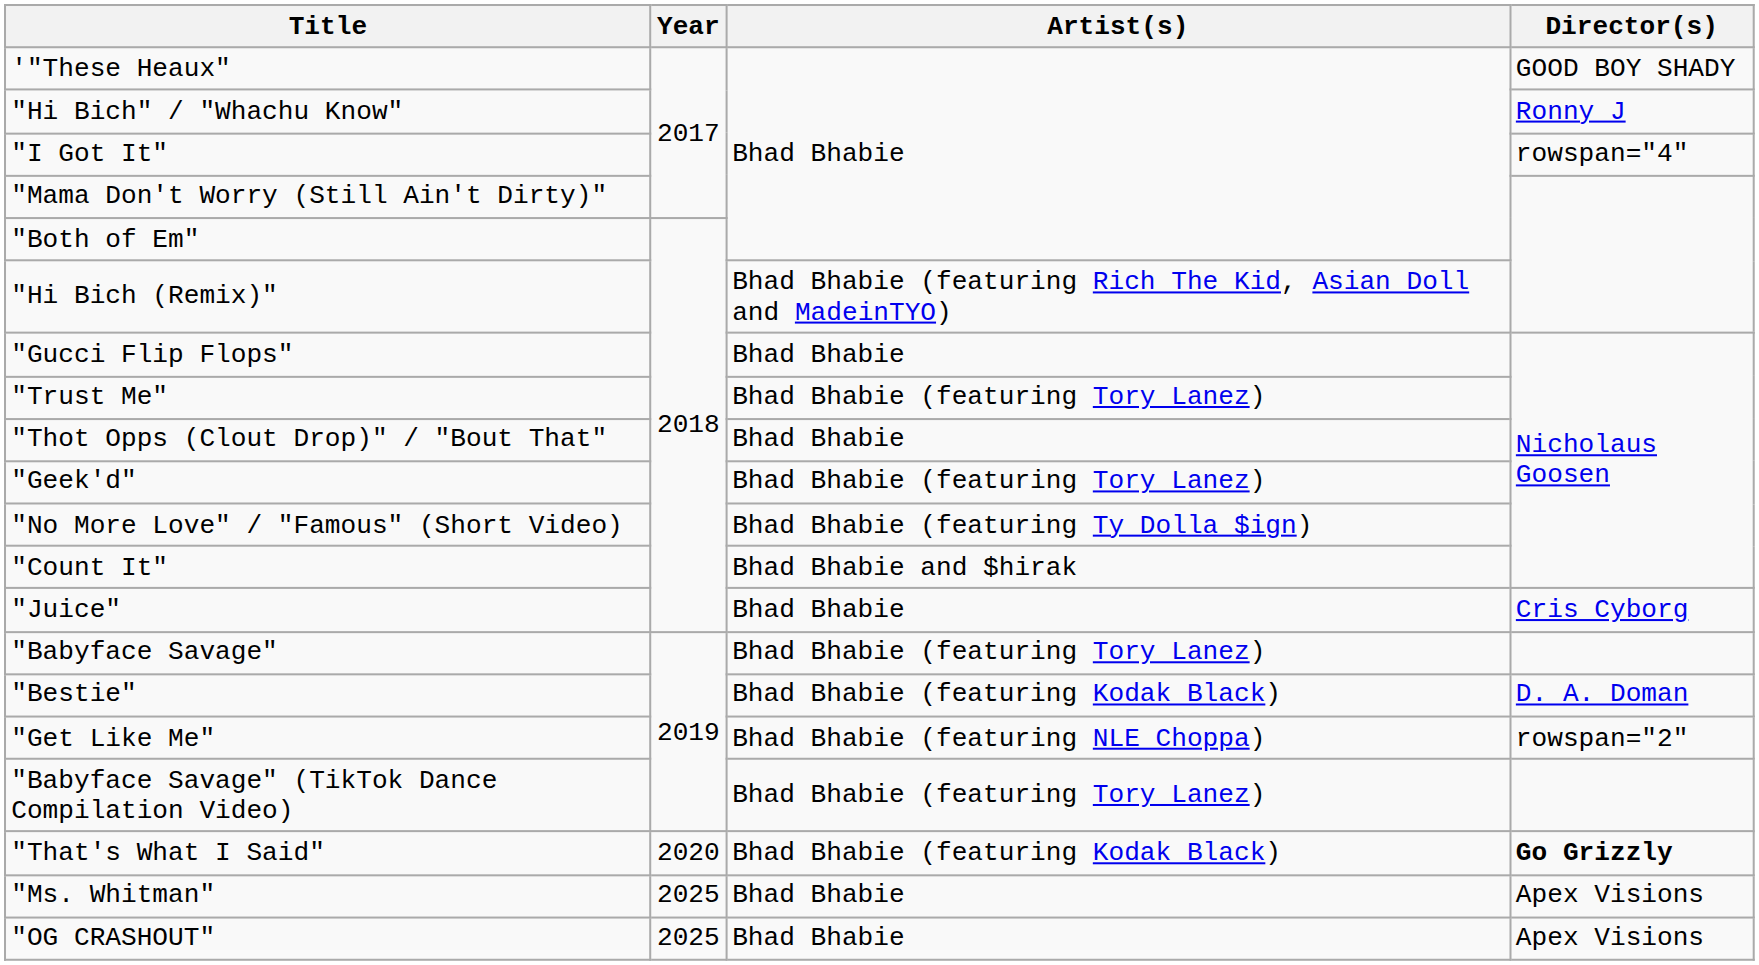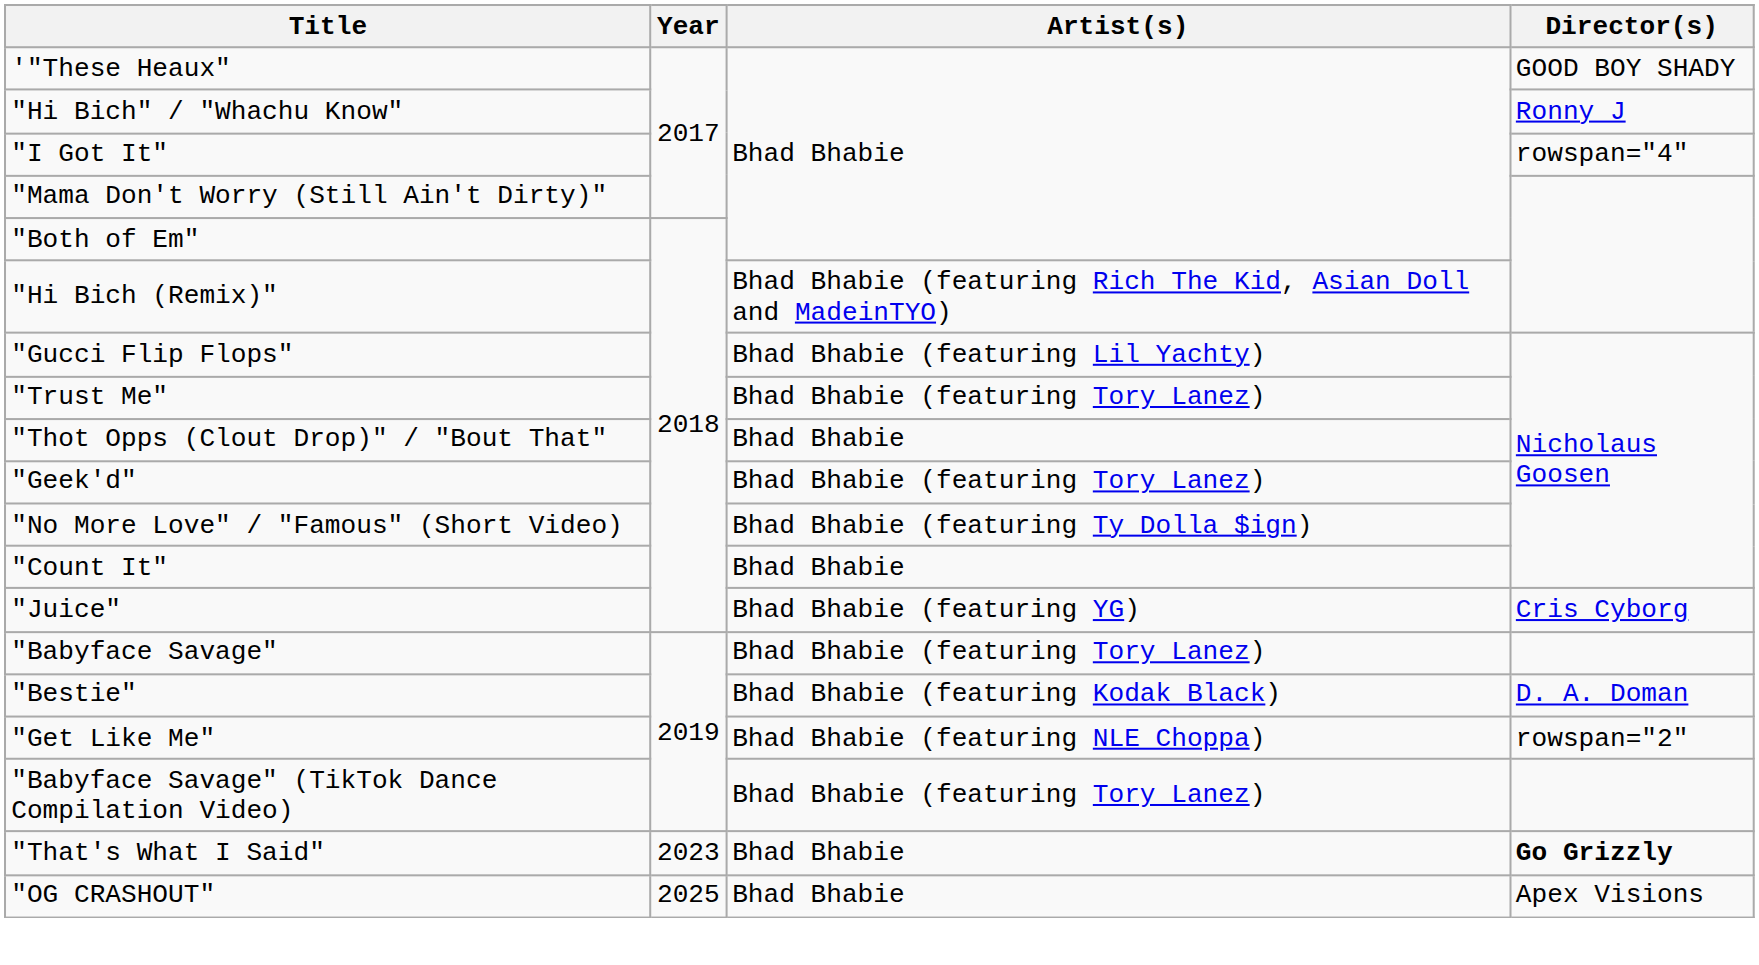 <table class="wikitable">
 <tr>
 <th>Title</th>
 <th>Year</th>
 <th>Artist(s)</th>
 <th>Director(s)</th>
 </tr>
 <tr>
 <td>'"These Heaux"</td>
 <td rowspan="4">2017</td>
 <td rowspan="5">Bhad Bhabie</td>
 <td>GOOD BOY SHADY</td>
 </tr>
 <tr>
 <td>"Hi Bich" / "Whachu Know"</td>
 <td><a href='#'>Ronny J</a></td>
 </tr>
 <tr>
 <td>"I Got It"</td>
 <td>rowspan="4" </td>
 </tr>
 <tr>
 <td>"Mama Don't Worry (Still Ain't Dirty)"</td>
 </tr>
 <tr>
 <td>"Both of Em"</td>
 <td rowspan="9">2018</td>
 </tr>
 <tr>
 <td>"Hi Bich (Remix)"</td>
 <td>Bhad Bhabie (featuring <a href='#'>Rich The Kid</a>, <a href='#'>Asian Doll</a> and <a href='#'>MadeinTYO</a>)</td>
 </tr>
 <tr>
 <td>"Gucci Flip Flops"</td>
-<td>Bhad Bhabie</td>
+<td>Bhad Bhabie (featuring <a href='#'>Lil Yachty</a>)</td>
 <td rowspan="6"><a href='#'>Nicholaus Goosen</a></td>
 </tr>
 <tr>
 <td>"Trust Me"</td>
 <td>Bhad Bhabie (featuring <a href='#'>Tory Lanez</a>)</td>
 </tr>
 <tr>
 <td>"Thot Opps (Clout Drop)" / "Bout That"</td>
 <td>Bhad Bhabie</td>
 </tr>
 <tr>
 <td>"Geek'd"</td>
 <td>Bhad Bhabie (featuring <a href='#'>Tory Lanez</a>)</td>
 </tr>
 <tr>
 <td>"No More Love" / "Famous" (Short Video)</td>
 <td>Bhad Bhabie (featuring <a href='#'>Ty Dolla $ign</a>)</td>
 </tr>
 <tr>
 <td>"Count It"</td>
-<td>Bhad Bhabie and $hirak</td>
+<td>Bhad Bhabie</td>
 </tr>
 <tr>
 <td>"Juice"</td>
-<td>Bhad Bhabie</td>
+<td>Bhad Bhabie (featuring <a href='#'>YG</a>)</td>
 <td><a href='#'>Cris Cyborg</a></td>
 </tr>
 <tr>
 <td>"Babyface Savage"</td>
 <td rowspan="4">2019</td>
 <td>Bhad Bhabie (featuring <a href='#'>Tory Lanez</a>)</td>
 <td></td>
 </tr>
 <tr>
 <td>"Bestie"</td>
 <td>Bhad Bhabie (featuring <a href='#'>Kodak Black</a>)</td>
 <td><a href='#'>D. A. Doman</a></td>
 </tr>
 <tr>
 <td>"Get Like Me"</td>
 <td>Bhad Bhabie (featuring <a href='#'>NLE Choppa</a>)</td>
 <td>rowspan="2" </td>
 </tr>
 <tr>
 <td>"Babyface Savage" (TikTok Dance Compilation Video)</td>
 <td>Bhad Bhabie (featuring <a href='#'>Tory Lanez</a>)</td>
 </tr>
 <tr>
 <td>"That's What I Said"</td>
-<td>2020</td>
-<td>Bhad Bhabie (featuring <a href='#'>Kodak Black</a>)</td>
+<td>2023</td>
+<td>Bhad Bhabie</td>
 <td><strong>Go Grizzly</strong></td>
-</tr>
-<tr>
-<td>"Ms. Whitman"</td>
-<td>2025</td>
-<td>Bhad Bhabie</td>
-<td>Apex Visions</td>
 </tr>
 <tr>
 <td>"OG CRASHOUT"</td>
 <td>2025</td>
 <td>Bhad Bhabie</td>
 <td>Apex Visions</td>
 </tr>
 </table>
